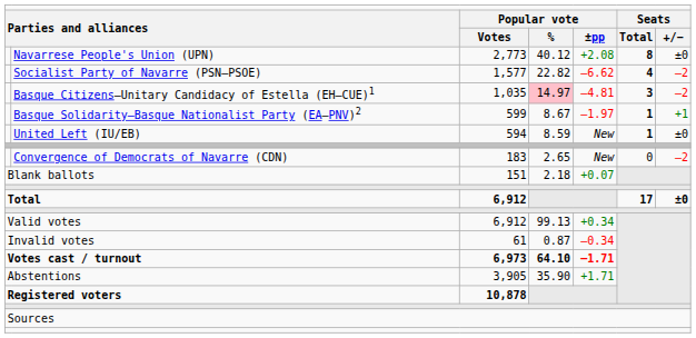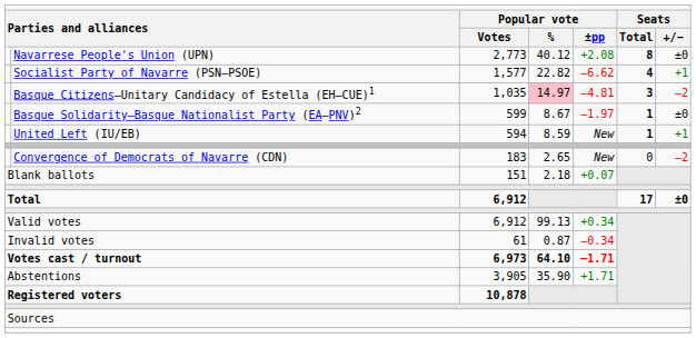 <table class="wikitable" style="text-align:right;">
 <tr>
 <td colspan="7"></td>
 </tr>
 <tr>
 <th style="text-align:left;" rowspan="2" colspan="2" width="525">Parties and alliances</th>
 <th colspan="3">Popular vote</th>
 <th colspan="2">Seats</th>
 </tr>
 <tr>
 <th width="75">Votes</th>
 <th width="45">%</th>
 <th width="45">±<a href='#'>pp</a></th>
 <th width="35">Total</th>
 <th width="35">+/−</th>
 </tr>
 <tr>
 <td width="1" style="color:inherit;background:"></td>
 <td align="left"><a href='#'>Navarrese People's Union</a> (UPN)</td>
 <td>2,773</td>
 <td>40.12</td>
 <td style="color:green;">+2.08</td>
 <td><strong>8</strong></td>
 <td>±0</td>
 </tr>
 <tr>
 <td style="color:inherit;background:"></td>
 <td align="left"><a href='#'>Socialist Party of Navarre</a> (PSN–PSOE)</td>
 <td>1,577</td>
 <td>22.82</td>
 <td style="color:red;">–6.62</td>
 <td><strong>4</strong></td>
-<td style="color:red;">–2</td>
+<td style="color:green;">+1</td>
 </tr>
 <tr>
 <td style="color:inherit;background:"></td>
 <td align="left"><a href='#'>Basque Citizens</a>–Unitary Candidacy of Estella (EH–CUE)<sup>1</sup></td>
 <td>1,035</td>
 <td style="background: pink;">14.97</td>
 <td style="color:red;">–4.81</td>
 <td><strong>3</strong></td>
 <td style="color:red;">–2</td>
 </tr>
 <tr>
 <td style="color:inherit;background:"></td>
 <td align="left"><a href='#'>Basque Solidarity–Basque Nationalist Party</a> (<a href='#'>EA</a>–<a href='#'>PNV</a>)<sup>2</sup></td>
 <td>599</td>
 <td>8.67</td>
 <td style="color:red;">–1.97</td>
 <td><strong>1</strong></td>
-<td style="color:green;">+1</td>
+<td>±0</td>
 </tr>
 <tr>
 <td style="color:inherit;background:"></td>
 <td align="left"><a href='#'>United Left</a> (IU/EB)</td>
 <td>594</td>
 <td>8.59</td>
 <td><em>New</em></td>
 <td><strong>1</strong></td>
-<td>±0</td>
+<td style="color:green;">+1</td>
 </tr>
 <tr>
 <td colspan="7" bgcolor="#C0C0C0"></td>
 </tr>
 <tr>
 <td style="color:inherit;background:"></td>
 <td align="left"><a href='#'>Convergence of Democrats of Navarre</a> (CDN)</td>
 <td>183</td>
 <td>2.65</td>
 <td><em>New</em></td>
 <td>0</td>
 <td style="color:red;">–2</td>
 </tr>
 <tr>
 <td align="left" colspan="2">Blank ballots</td>
 <td>151</td>
 <td>2.18</td>
 <td style="color:green;">+0.07</td>
 <td bgcolor="#E9E9E9" colspan="2"></td>
 </tr>
 <tr>
 <td colspan="7" bgcolor="#E9E9E9"></td>
 </tr>
 <tr style="font-weight:bold;">
 <td align="left" colspan="2">Total</td>
 <td>6,912</td>
 <td bgcolor="#E9E9E9" colspan="2"></td>
 <td>17</td>
 <td>±0</td>
 </tr>
 <tr>
 <td colspan="7" bgcolor="#E9E9E9"></td>
 </tr>
 <tr>
 <td align="left" colspan="2">Valid votes</td>
 <td>6,912</td>
 <td>99.13</td>
 <td style="color:green;">+0.34</td>
 <td bgcolor="#E9E9E9" colspan="2" rowspan="5"></td>
 </tr>
 <tr>
 <td align="left" colspan="2">Invalid votes</td>
 <td>61</td>
 <td>0.87</td>
 <td style="color:red;">–0.34</td>
 </tr>
 <tr style="font-weight:bold;">
 <td align="left" colspan="2">Votes cast / turnout</td>
 <td>6,973</td>
 <td>64.10</td>
 <td style="color:red;">–1.71</td>
 </tr>
 <tr>
 <td align="left" colspan="2">Abstentions</td>
 <td>3,905</td>
 <td>35.90</td>
 <td style="color:green;">+1.71</td>
 </tr>
 <tr style="font-weight:bold;">
 <td align="left" colspan="2">Registered voters</td>
 <td>10,878</td>
 <td bgcolor="#E9E9E9" colspan="2"></td>
 </tr>
 <tr>
 <td colspan="7" bgcolor="#E9E9E9"></td>
 </tr>
 <tr>
 <td align="left" colspan="7">Sources</td>
 </tr>
 <tr>
 <td colspan="7" style="text-align:left; max-width:790px;"></td>
 </tr>
 </table>
